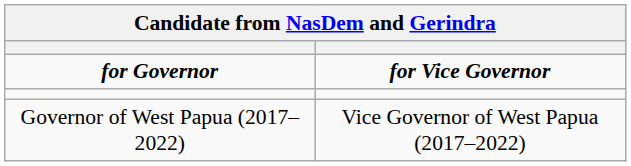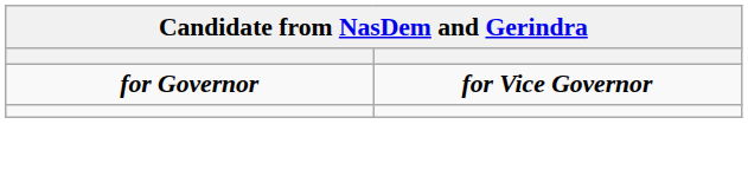 <table class="wikitable" style="font-size:90%; text-align:center;">
 <tr>
 <td colspan=2 style="background:#f1f1f1;"><strong>Candidate from <a href='#'>NasDem</a> and <a href='#'>Gerindra</a></strong></td>
 </tr>
 <tr>
 <th style="width:3em; font-size:135%; background:#"><a href='#'></a></th>
 <th style="width:3em; font-size:135%; background:#"></th>
 </tr>
 <tr style="color:#000; font-size:100%; background:#">
 <td style="width:3em; width:200px;"><strong><em>for Governor</em></strong></td>
 <td style="width:3em; width:200px;"><strong><em>for Vice Governor</em></strong></td>
 </tr>
 <tr>
 <td></td>
 <td></td>
 </tr>
-<tr>
-<td>Governor of West Papua (2017–2022)</td>
-<td>Vice Governor of West Papua (2017–2022)</td>
-</tr>
 </table>
